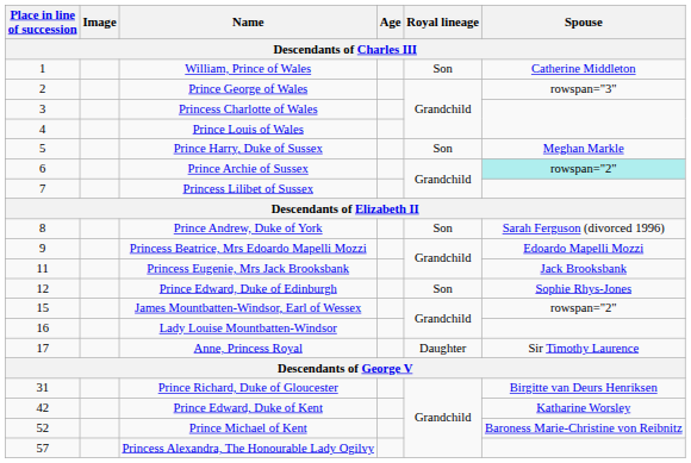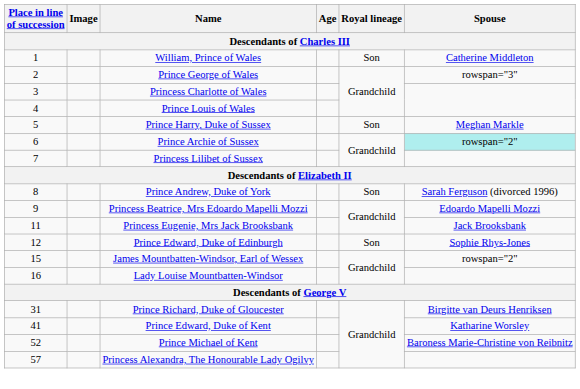 <table class="wikitable plainrowheaders">
 <tr>
 <th><a href='#'>Place in line<br>of succession</a></th>
 <th class="unsortable">Image</th>
 <th>Name</th>
 <th>Age</th>
 <th>Royal lineage</th>
 <th>Spouse</th>
 </tr>
 <tr>
 <th colspan="6">Descendants of <a href='#'>Charles III</a></th>
 </tr>
 <tr align=center>
 <td>1</td>
 <td></td>
 <td><a href='#'>William, Prince of Wales</a></td>
 <td></td>
 <td>Son</td>
 <td><a href='#'>Catherine Middleton</a></td>
 </tr>
 <tr align=center>
 <td>2</td>
 <td></td>
 <td><a href='#'>Prince George of Wales</a></td>
 <td></td>
 <td rowspan="3">Grandchild</td>
 <td>rowspan="3" </td>
 </tr>
 <tr align=center>
 <td>3</td>
 <td></td>
 <td><a href='#'>Princess Charlotte of Wales</a></td>
 <td></td>
 </tr>
 <tr align=center>
 <td>4</td>
 <td></td>
 <td><a href='#'>Prince Louis of Wales</a></td>
 <td></td>
 </tr>
 <tr align=center>
 <td>5</td>
 <td></td>
 <td><a href='#'>Prince Harry, Duke of Sussex</a></td>
 <td></td>
 <td>Son</td>
 <td><a href='#'>Meghan Markle</a></td>
 </tr>
 <tr align=center>
 <td>6</td>
 <td></td>
 <td><a href='#'>Prince Archie of Sussex</a></td>
 <td></td>
 <td rowspan="2">Grandchild</td>
 <td style="background: paleturquoise;">rowspan="2" </td>
 </tr>
 <tr align=center>
 <td>7</td>
 <td></td>
 <td><a href='#'>Princess Lilibet of Sussex</a></td>
 <td></td>
 </tr>
 <tr>
 <th colspan="6">Descendants of <a href='#'>Elizabeth II</a></th>
 </tr>
 <tr align=center>
 <td>8</td>
 <td></td>
 <td><a href='#'>Prince Andrew, Duke of York</a></td>
 <td></td>
 <td>Son</td>
 <td><a href='#'>Sarah Ferguson</a> (divorced 1996)</td>
 </tr>
 <tr align=center>
 <td>9</td>
 <td></td>
 <td><a href='#'>Princess Beatrice, Mrs Edoardo Mapelli Mozzi</a></td>
 <td></td>
 <td rowspan="2">Grandchild</td>
 <td><a href='#'>Edoardo Mapelli Mozzi</a></td>
 </tr>
 <tr align=center>
 <td>11</td>
 <td></td>
 <td><a href='#'>Princess Eugenie, Mrs Jack Brooksbank</a></td>
 <td></td>
 <td><a href='#'>Jack Brooksbank</a></td>
 </tr>
 <tr align=center>
 <td>12</td>
 <td></td>
 <td><a href='#'>Prince Edward, Duke of Edinburgh</a></td>
 <td></td>
 <td>Son</td>
 <td><a href='#'>Sophie Rhys-Jones</a></td>
 </tr>
 <tr align=center>
 <td>15</td>
 <td></td>
 <td><a href='#'>James Mountbatten-Windsor, Earl of Wessex</a></td>
 <td></td>
 <td rowspan="2">Grandchild</td>
 <td>rowspan="2" </td>
 </tr>
 <tr align=center>
 <td>16</td>
 <td></td>
 <td><a href='#'>Lady Louise Mountbatten-Windsor</a></td>
 <td></td>
 </tr>
-<tr align=center>
-<td>17</td>
-<td></td>
-<td><a href='#'>Anne, Princess Royal</a></td>
-<td></td>
-<td>Daughter</td>
-<td>Sir <a href='#'>Timothy Laurence</a></td>
-</tr>
 <tr>
 <th colspan="6">Descendants of <a href='#'>George V</a></th>
 </tr>
 <tr align=center>
 <td>31</td>
 <td></td>
 <td><a href='#'>Prince Richard, Duke of Gloucester</a></td>
 <td></td>
 <td rowspan="4">Grandchild</td>
 <td><a href='#'>Birgitte van Deurs Henriksen</a></td>
 </tr>
 <tr align=center>
-<td>42</td>
+<td>41</td>
 <td></td>
 <td><a href='#'>Prince Edward, Duke of Kent</a></td>
 <td></td>
 <td><a href='#'>Katharine Worsley</a></td>
 </tr>
 <tr align=center>
 <td>52</td>
 <td></td>
 <td><a href='#'>Prince Michael of Kent</a></td>
 <td></td>
 <td><a href='#'>Baroness Marie-Christine von Reibnitz</a></td>
 </tr>
 <tr align=center>
 <td>57</td>
 <td></td>
 <td><a href='#'>Princess Alexandra, The Honourable Lady Ogilvy</a></td>
 <td></td>
 <td></td>
 </tr>
 </table>
